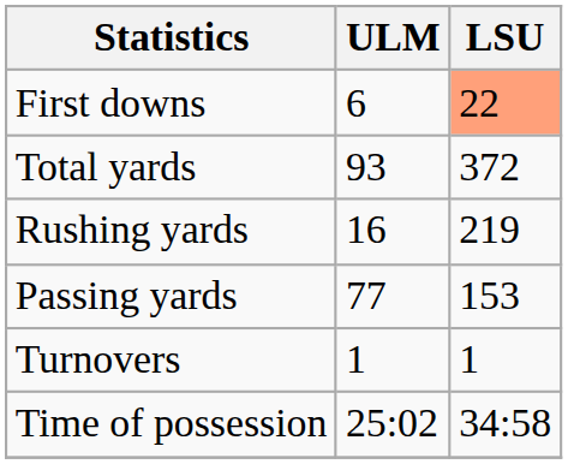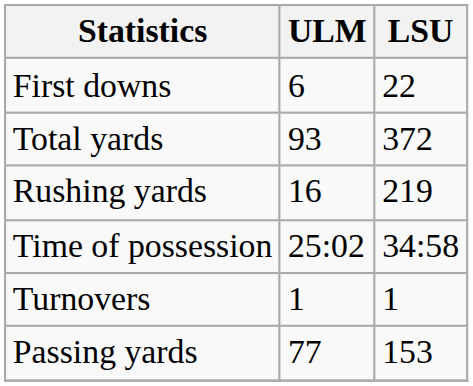 <table class="wikitable">
 <tr>
 <th>Statistics</th>
 <th>ULM</th>
 <th>LSU</th>
 </tr>
 <tr>
 <td>First downs</td>
 <td>6</td>
-<td style="background: lightsalmon;">22</td>
+<td>22</td>
 </tr>
 <tr>
 <td>Total yards</td>
 <td>93</td>
 <td>372</td>
 </tr>
 <tr>
 <td>Rushing yards</td>
 <td>16</td>
 <td>219</td>
 </tr>
 <tr>
-<td>Passing yards</td>
-<td>77</td>
-<td>153</td>
+<td>Time of possession</td>
+<td>25:02</td>
+<td>34:58</td>
 </tr>
 <tr>
 <td>Turnovers</td>
 <td>1</td>
 <td>1</td>
 </tr>
 <tr>
-<td>Time of possession</td>
-<td>25:02</td>
-<td>34:58</td>
+<td>Passing yards</td>
+<td>77</td>
+<td>153</td>
 </tr>
 <tr>
 </tr>
 </table>
